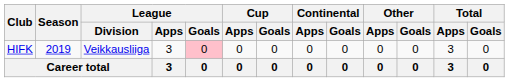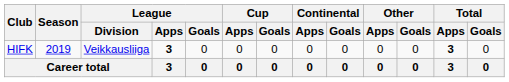 <table class="wikitable" style="text-align: center">
 <tr>
 <th rowspan="2">Club</th>
 <th rowspan="2">Season</th>
 <th colspan="3">League</th>
 <th colspan="2">Cup</th>
 <th colspan="2">Continental</th>
 <th colspan="2">Other</th>
 <th colspan="2">Total</th>
 </tr>
 <tr>
 <th>Division</th>
 <th>Apps</th>
 <th>Goals</th>
 <th>Apps</th>
 <th>Goals</th>
 <th>Apps</th>
 <th>Goals</th>
 <th>Apps</th>
 <th>Goals</th>
 <th>Apps</th>
 <th>Goals</th>
 </tr>
 <tr>
 <td><a href='#'>HIFK</a></td>
 <td><a href='#'>2019</a></td>
 <td><a href='#'>Veikkausliiga</a></td>
-<td>3</td>
-<td style="background: pink;">0</td>
+<td><strong>3</strong></td>
 <td>0</td>
 <td>0</td>
 <td>0</td>
 <td>0</td>
 <td>0</td>
 <td>0</td>
-<td>3</td>
+<td>0</td>
+<td><strong>3</strong></td>
 <td>0</td>
 </tr>
 <tr>
 <th colspan=3>Career total</th>
 <th>3</th>
 <th>0</th>
 <th>0</th>
 <th>0</th>
 <th>0</th>
 <th>0</th>
 <th>0</th>
 <th>0</th>
 <th>3</th>
 <th>0</th>
 </tr>
 </table>
